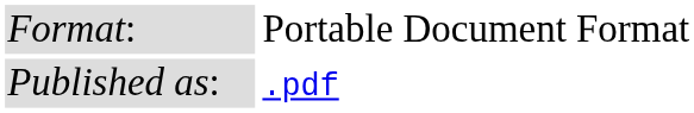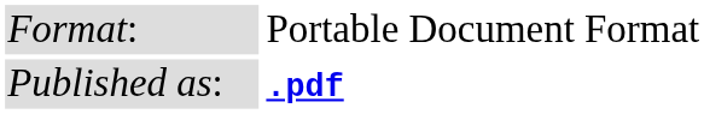 <table style="text-align:left;">
 <tr>
 <td style="background:#ddd; width:100px;"><em>Format</em>:</td>
 <td>Portable Document Format</td>
 </tr>
 <tr>
 <td style="background:#ddd;"><em>Published as</em>:</td>
-<td><code><a href='#'>.pdf</a></code></td>
+<td><strong><code><a href='#'>.pdf</a></code></strong></td>
 </tr>
 </table>
